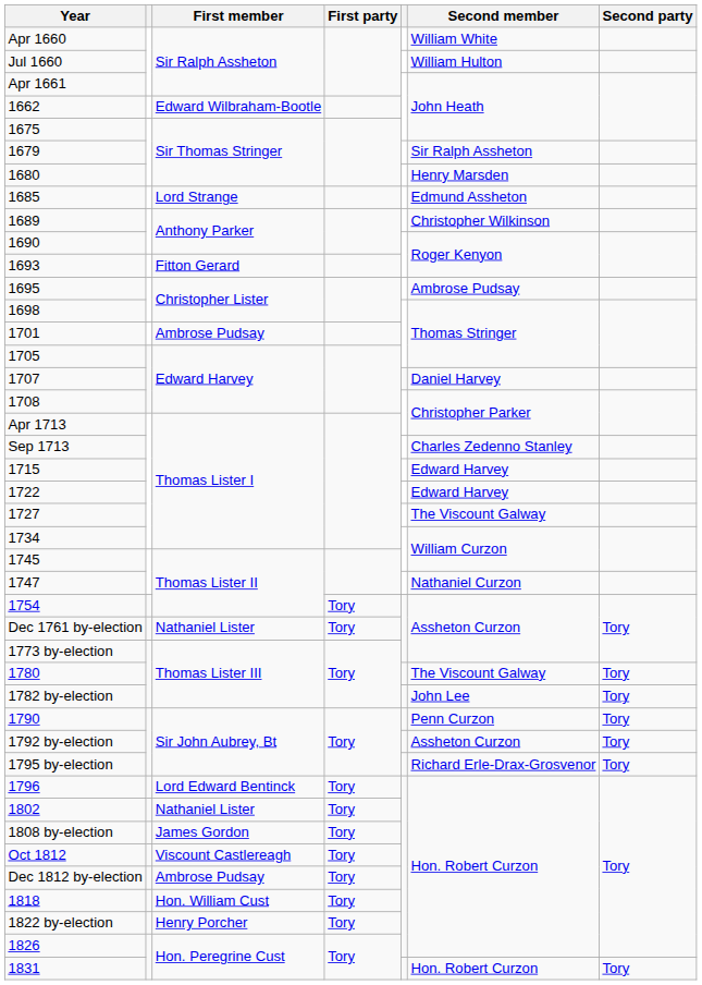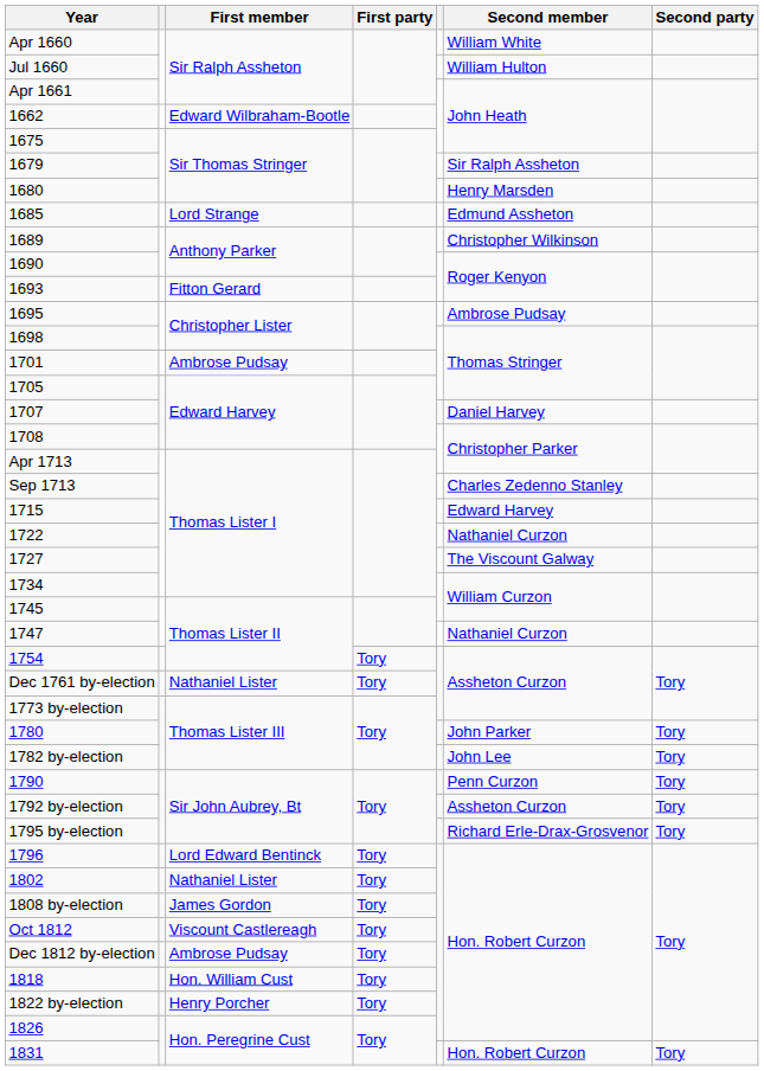 <table class="wikitable">
 <tr>
 <th>Year</th>
 <th></th>
 <th>First member</th>
 <th>First party</th>
 <th></th>
 <th>Second member</th>
 <th>Second party</th>
 </tr>
 <tr>
 <td>Apr 1660</td>
 <td rowspan="3" style="color:inherit;background-color: white"></td>
 <td rowspan="3"><a href='#'>Sir Ralph Assheton</a></td>
 <td rowspan="3"></td>
 <td style="color:inherit;background-color: white"></td>
 <td><a href='#'>William White</a> </td>
 <td></td>
 </tr>
 <tr>
 <td>Jul 1660</td>
 <td style="color:inherit;background-color: white"></td>
 <td><a href='#'>William Hulton</a></td>
 <td></td>
 </tr>
 <tr>
 <td>Apr 1661</td>
 <td rowspan="3" style="color:inherit;background-color: white"></td>
 <td rowspan="3"><a href='#'>John Heath</a> </td>
 <td rowspan="3"></td>
 </tr>
 <tr>
 <td>1662</td>
 <td style="color:inherit;background-color: white"></td>
 <td><a href='#'>Edward Wilbraham-Bootle</a></td>
 <td></td>
 </tr>
 <tr>
 <td>1675</td>
 <td rowspan="3" style="color:inherit;background-color: white"></td>
 <td rowspan="3"><a href='#'>Sir Thomas Stringer</a></td>
 <td rowspan="3"></td>
 </tr>
 <tr>
 <td>1679</td>
 <td style="color:inherit;background-color: white"></td>
 <td><a href='#'>Sir Ralph Assheton</a> </td>
 <td></td>
 </tr>
 <tr>
 <td>1680</td>
 <td style="color:inherit;background-color: white"></td>
 <td><a href='#'>Henry Marsden</a>    </td>
 <td></td>
 </tr>
 <tr>
 <td>1685</td>
 <td style="color:inherit;background-color: white"></td>
 <td><a href='#'>Lord Strange</a></td>
 <td></td>
 <td style="color:inherit;background-color: white"></td>
 <td><a href='#'>Edmund Assheton</a> </td>
 <td></td>
 </tr>
 <tr>
 <td>1689</td>
 <td rowspan="2" style="color:inherit;background-color: white"></td>
 <td rowspan="2"><a href='#'>Anthony Parker</a></td>
 <td rowspan="2"></td>
 <td style="color:inherit;background-color: white"></td>
 <td><a href='#'>Christopher Wilkinson</a></td>
 <td></td>
 </tr>
 <tr>
 <td>1690</td>
 <td rowspan="2" style="color:inherit;background-color: white"></td>
 <td rowspan="2"><a href='#'>Roger Kenyon</a></td>
 <td rowspan="2"></td>
 </tr>
 <tr>
 <td>1693</td>
 <td style="color:inherit;background-color: white"></td>
 <td><a href='#'>Fitton Gerard</a></td>
 <td> </td>
 </tr>
 <tr>
 <td>1695</td>
 <td rowspan="2" style="color:inherit;background-color: white"></td>
 <td rowspan="2"><a href='#'>Christopher Lister</a></td>
 <td rowspan="2"></td>
 <td style="color:inherit;background-color: white"></td>
 <td><a href='#'>Ambrose Pudsay</a></td>
 <td></td>
 </tr>
 <tr>
 <td>1698</td>
 <td rowspan="3" style="color:inherit;background-color: white"></td>
 <td rowspan="3"><a href='#'>Thomas Stringer</a></td>
 <td rowspan="3"></td>
 </tr>
 <tr>
 <td>1701</td>
 <td style="color:inherit;background-color: white"></td>
 <td><a href='#'>Ambrose Pudsay</a></td>
 <td></td>
 </tr>
 <tr>
 <td>1705</td>
 <td rowspan="3" style="color:inherit;background-color: "></td>
 <td rowspan="3"><a href='#'>Edward Harvey</a></td>
 <td rowspan="3">  </td>
 </tr>
 <tr>
 <td>1707</td>
 <td style="color:inherit;background-color: "></td>
 <td><a href='#'>Daniel Harvey</a></td>
 <td> </td>
 </tr>
 <tr>
 <td>1708</td>
 <td rowspan="2" style="color:inherit;background-color: white"></td>
 <td rowspan="2"><a href='#'>Christopher Parker</a></td>
 <td rowspan="2"> </td>
 </tr>
 <tr>
 <td>Apr 1713</td>
 <td rowspan="6" style="color:inherit;background-color: white"></td>
 <td rowspan="6"><a href='#'>Thomas Lister I</a></td>
 <td rowspan="6"> </td>
 </tr>
 <tr>
 <td>Sep 1713</td>
 <td style="color:inherit;background-color: white"></td>
 <td><a href='#'>Charles Zedenno Stanley</a></td>
 <td> </td>
 </tr>
 <tr>
 <td>1715</td>
 <td style="color:inherit;background-color: white"></td>
 <td><a href='#'>Edward Harvey</a></td>
 <td> </td>
 </tr>
 <tr>
 <td>1722</td>
 <td style="color:inherit;background-color: white"></td>
-<td><a href='#'>Edward Harvey</a></td>
+<td><a href='#'>Nathaniel Curzon</a></td>
 <td>       </td>
 </tr>
 <tr>
 <td>1727</td>
 <td style="color:inherit;background-color: white"></td>
 <td><a href='#'>The Viscount Galway</a></td>
 <td> </td>
 </tr>
 <tr |->
 <td>1734</td>
 <td rowspan="2" style="color:inherit;background-color: white"></td>
 <td rowspan="2"><a href='#'>William Curzon</a></td>
 <td rowspan="2"> </td>
 </tr>
 <tr>
 <td>1745</td>
 <td rowspan="2" style="color:inherit;background-color: white"></td>
 <td rowspan="3"><a href='#'>Thomas Lister II</a></td>
 <td rowspan="2"> </td>
 </tr>
 <tr>
 <td>1747</td>
 <td style="color:inherit;background-color: white"></td>
 <td><a href='#'>Nathaniel Curzon</a></td>
 <td></td>
 </tr>
 <tr>
 <td><a href='#'>1754</a></td>
 <td style="color:inherit;background-color: "></td>
 <td><a href='#'>Tory</a></td>
 <td rowspan="3" style="color:inherit;background-color: "></td>
 <td rowspan="3"><a href='#'>Assheton Curzon</a></td>
 <td rowspan="3"><a href='#'>Tory</a>  </td>
 </tr>
 <tr>
 <td>Dec 1761 by-election</td>
 <td style="color:inherit;background-color: "></td>
 <td><a href='#'>Nathaniel Lister</a></td>
 <td><a href='#'>Tory</a>    </td>
 </tr>
 <tr>
 <td>1773 by-election</td>
 <td rowspan="3" style="color:inherit;background-color: "></td>
 <td rowspan="3"><a href='#'>Thomas Lister III</a></td>
 <td rowspan="3"><a href='#'>Tory</a>  </td>
 </tr>
 <tr>
 <td><a href='#'>1780</a></td>
 <td style="color:inherit;background-color: "></td>
-<td><a href='#'>The Viscount Galway</a></td>
+<td><a href='#'>John Parker</a></td>
 <td><a href='#'>Tory</a>  </td>
 </tr>
 <tr>
 <td>1782 by-election</td>
 <td style="color:inherit;background-color: "></td>
 <td><a href='#'>John Lee</a></td>
 <td><a href='#'>Tory</a>     </td>
 </tr>
 <tr>
 <td><a href='#'>1790</a></td>
 <td rowspan="3" style="color:inherit;background-color: "></td>
 <td rowspan="3"><a href='#'>Sir John Aubrey, Bt</a></td>
 <td rowspan="3"><a href='#'>Tory</a>  </td>
 <td style="color:inherit;background-color: "></td>
 <td><a href='#'>Penn Curzon</a></td>
 <td><a href='#'>Tory</a>    </td>
 </tr>
 <tr>
 <td>1792 by-election</td>
 <td style="color:inherit;background-color: "></td>
 <td><a href='#'>Assheton Curzon</a></td>
 <td><a href='#'>Tory</a></td>
 </tr>
 <tr>
 <td>1795 by-election</td>
 <td style="color:inherit;background-color: "></td>
 <td><a href='#'>Richard Erle-Drax-Grosvenor</a></td>
 <td><a href='#'>Tory</a>  </td>
 </tr>
 <tr>
 <td><a href='#'>1796</a></td>
 <td style="color:inherit;background-color: "></td>
 <td><a href='#'>Lord Edward Bentinck</a></td>
 <td><a href='#'>Tory</a>  </td>
 <td rowspan="8" style="color:inherit;background-color: "></td>
 <td rowspan="8"><a href='#'>Hon. Robert Curzon</a></td>
 <td rowspan="8"><a href='#'>Tory</a>   </td>
 </tr>
 <tr>
 <td><a href='#'>1802</a></td>
 <td style="color:inherit;background-color: "></td>
 <td><a href='#'>Nathaniel Lister</a></td>
 <td><a href='#'>Tory</a>  </td>
 </tr>
 <tr>
 <td>1808 by-election</td>
 <td style="color:inherit;background-color: "></td>
 <td><a href='#'>James Gordon</a></td>
 <td><a href='#'>Tory</a>  </td>
 </tr>
 <tr>
 <td><a href='#'>Oct 1812</a></td>
 <td style="color:inherit;background-color: "></td>
 <td><a href='#'>Viscount Castlereagh</a></td>
 <td><a href='#'>Tory</a>  </td>
 </tr>
 <tr>
 <td>Dec 1812 by-election</td>
 <td style="color:inherit;background-color: "></td>
 <td><a href='#'>Ambrose Pudsay</a></td>
 <td><a href='#'>Tory</a>  </td>
 </tr>
 <tr>
 <td><a href='#'>1818</a></td>
 <td style="color:inherit;background-color: "></td>
 <td><a href='#'>Hon. William Cust</a></td>
 <td><a href='#'>Tory</a>  </td>
 </tr>
 <tr>
 <td>1822 by-election</td>
 <td style="color:inherit;background-color: "></td>
 <td><a href='#'>Henry Porcher</a></td>
 <td><a href='#'>Tory</a>  </td>
 </tr>
 <tr>
 <td><a href='#'>1826</a></td>
 <td rowspan="2" style="color:inherit;background-color: "></td>
 <td rowspan="2"><a href='#'>Hon. Peregrine Cust</a></td>
 <td rowspan="2"><a href='#'>Tory</a>  </td>
 </tr>
 <tr>
 <td><a href='#'>1831</a></td>
 <td style="color:inherit;background-color: "></td>
 <td><a href='#'>Hon. Robert Curzon</a></td>
 <td><a href='#'>Tory</a>  </td>
 </tr>
 </table>
